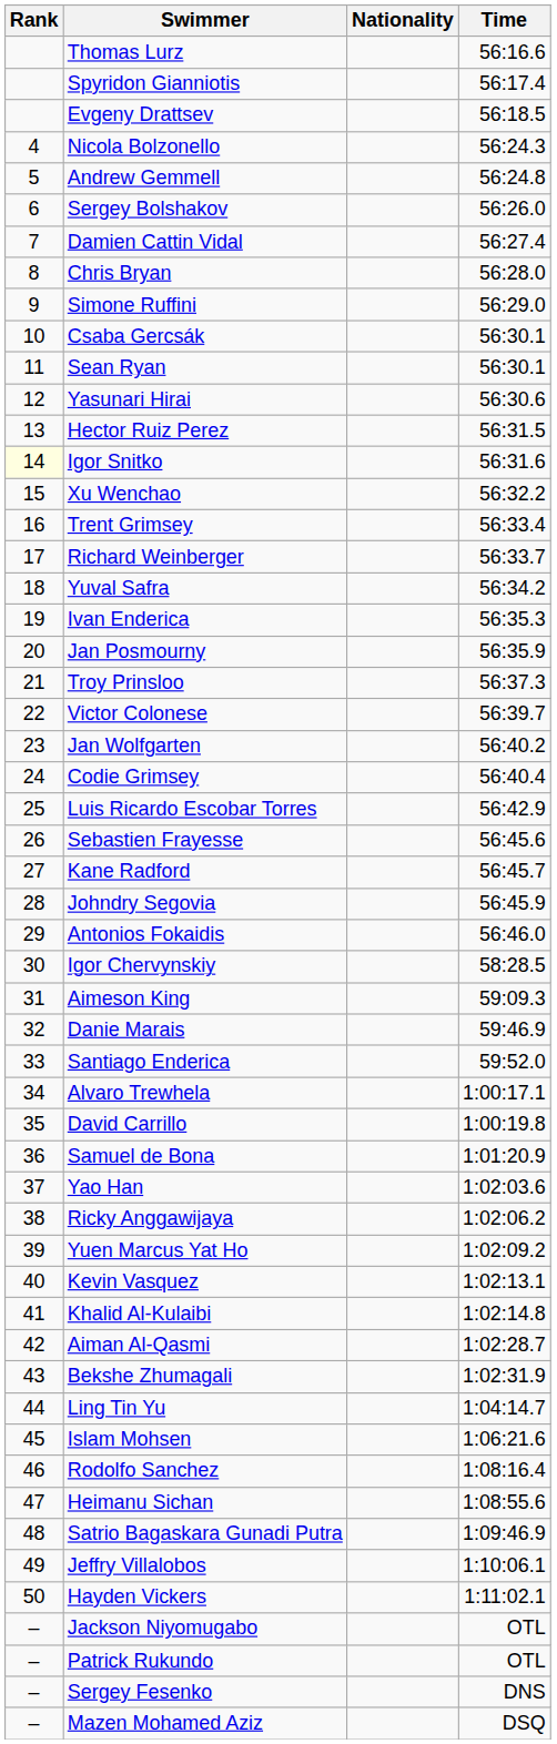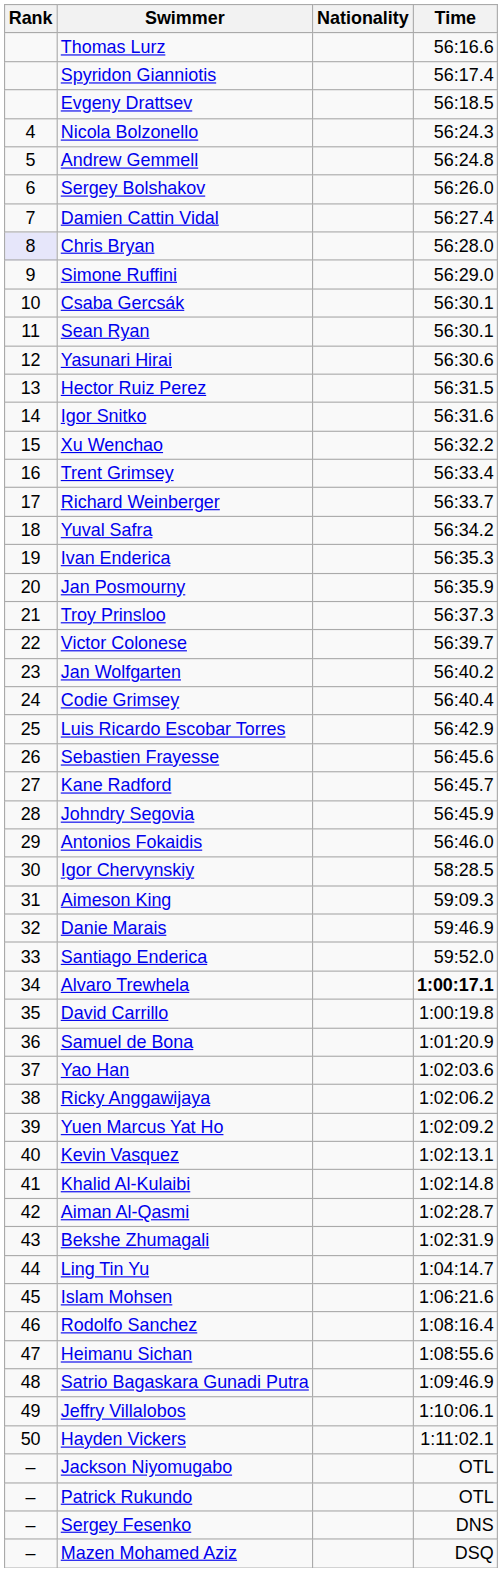 <table class="wikitable" border="1" style="text-align:center">
 <tr>
 <th>Rank</th>
 <th>Swimmer</th>
 <th>Nationality</th>
 <th>Time</th>
 </tr>
 <tr>
 <td></td>
 <td align=left><a href='#'>Thomas Lurz</a></td>
 <td align=left></td>
 <td align=right>56:16.6</td>
 </tr>
 <tr>
 <td></td>
 <td align=left><a href='#'>Spyridon Gianniotis</a></td>
 <td align=left></td>
 <td align=right>56:17.4</td>
 </tr>
 <tr>
 <td></td>
 <td align=left><a href='#'>Evgeny Drattsev</a></td>
 <td align=left></td>
 <td align=right>56:18.5</td>
 </tr>
 <tr>
 <td>4</td>
 <td align=left><a href='#'>Nicola Bolzonello</a></td>
 <td align=left></td>
 <td align=right>56:24.3</td>
 </tr>
 <tr>
 <td>5</td>
 <td align=left><a href='#'>Andrew Gemmell</a></td>
 <td align=left></td>
 <td align=right>56:24.8</td>
 </tr>
 <tr>
 <td>6</td>
 <td align=left><a href='#'>Sergey Bolshakov</a></td>
 <td align=left></td>
 <td align=right>56:26.0</td>
 </tr>
 <tr>
 <td>7</td>
 <td align=left><a href='#'>Damien Cattin Vidal</a></td>
 <td align=left></td>
 <td align=right>56:27.4</td>
 </tr>
 <tr>
-<td>8</td>
+<td style="background: lavender;">8</td>
 <td align=left><a href='#'>Chris Bryan</a></td>
 <td align=left></td>
 <td align=right>56:28.0</td>
 </tr>
 <tr>
 <td>9</td>
 <td align=left><a href='#'>Simone Ruffini</a></td>
 <td align=left></td>
 <td align=right>56:29.0</td>
 </tr>
 <tr>
 <td>10</td>
 <td align=left><a href='#'>Csaba Gercsák</a></td>
 <td align=left></td>
 <td align=right>56:30.1</td>
 </tr>
 <tr>
 <td>11</td>
 <td align=left><a href='#'>Sean Ryan</a></td>
 <td align=left></td>
 <td align=right>56:30.1</td>
 </tr>
 <tr>
 <td>12</td>
 <td align=left><a href='#'>Yasunari Hirai</a></td>
 <td align=left></td>
 <td align=right>56:30.6</td>
 </tr>
 <tr>
 <td>13</td>
 <td align=left><a href='#'>Hector Ruiz Perez</a></td>
 <td align=left></td>
 <td align=right>56:31.5</td>
 </tr>
 <tr>
-<td style="background: lightyellow;">14</td>
+<td>14</td>
 <td align=left><a href='#'>Igor Snitko</a></td>
 <td align=left></td>
 <td align=right>56:31.6</td>
 </tr>
 <tr>
 <td>15</td>
 <td align=left><a href='#'>Xu Wenchao</a></td>
 <td align=left></td>
 <td align=right>56:32.2</td>
 </tr>
 <tr>
 <td>16</td>
 <td align=left><a href='#'>Trent Grimsey</a></td>
 <td align=left></td>
 <td align=right>56:33.4</td>
 </tr>
 <tr>
 <td>17</td>
 <td align=left><a href='#'>Richard Weinberger</a></td>
 <td align=left></td>
 <td align=right>56:33.7</td>
 </tr>
 <tr>
 <td>18</td>
 <td align=left><a href='#'>Yuval Safra</a></td>
 <td align=left></td>
 <td align=right>56:34.2</td>
 </tr>
 <tr>
 <td>19</td>
 <td align=left><a href='#'>Ivan Enderica</a></td>
 <td align=left></td>
 <td align=right>56:35.3</td>
 </tr>
 <tr>
 <td>20</td>
 <td align=left><a href='#'>Jan Posmourny</a></td>
 <td align=left></td>
 <td align=right>56:35.9</td>
 </tr>
 <tr>
 <td>21</td>
 <td align=left><a href='#'>Troy Prinsloo</a></td>
 <td align=left></td>
 <td align=right>56:37.3</td>
 </tr>
 <tr>
 <td>22</td>
 <td align=left><a href='#'>Victor Colonese</a></td>
 <td align=left></td>
 <td align=right>56:39.7</td>
 </tr>
 <tr>
 <td>23</td>
 <td align=left><a href='#'>Jan Wolfgarten</a></td>
 <td align=left></td>
 <td align=right>56:40.2</td>
 </tr>
 <tr>
 <td>24</td>
 <td align=left><a href='#'>Codie Grimsey</a></td>
 <td align=left></td>
 <td align=right>56:40.4</td>
 </tr>
 <tr>
 <td>25</td>
 <td align=left><a href='#'>Luis Ricardo Escobar Torres</a></td>
 <td align=left></td>
 <td align=right>56:42.9</td>
 </tr>
 <tr>
 <td>26</td>
 <td align=left><a href='#'>Sebastien Frayesse</a></td>
 <td align=left></td>
 <td align=right>56:45.6</td>
 </tr>
 <tr>
 <td>27</td>
 <td align=left><a href='#'>Kane Radford</a></td>
 <td align=left></td>
 <td align=right>56:45.7</td>
 </tr>
 <tr>
 <td>28</td>
 <td align=left><a href='#'>Johndry Segovia</a></td>
 <td align=left></td>
 <td align=right>56:45.9</td>
 </tr>
 <tr>
 <td>29</td>
 <td align=left><a href='#'>Antonios Fokaidis</a></td>
 <td align=left></td>
 <td align=right>56:46.0</td>
 </tr>
 <tr>
 <td>30</td>
 <td align=left><a href='#'>Igor Chervynskiy</a></td>
 <td align=left></td>
 <td align=right>58:28.5</td>
 </tr>
 <tr>
 <td>31</td>
 <td align=left><a href='#'>Aimeson King</a></td>
 <td align=left></td>
 <td align=right>59:09.3</td>
 </tr>
 <tr>
 <td>32</td>
 <td align=left><a href='#'>Danie Marais</a></td>
 <td align=left></td>
 <td align=right>59:46.9</td>
 </tr>
 <tr>
 <td>33</td>
 <td align=left><a href='#'>Santiago Enderica</a></td>
 <td align=left></td>
 <td align=right>59:52.0</td>
 </tr>
 <tr>
 <td>34</td>
 <td align=left><a href='#'>Alvaro Trewhela</a></td>
 <td align=left></td>
-<td align=right>1:00:17.1</td>
+<td align=right><strong>1:00:17.1</strong></td>
 </tr>
 <tr>
 <td>35</td>
 <td align=left><a href='#'>David Carrillo</a></td>
 <td align=left></td>
 <td align=right>1:00:19.8</td>
 </tr>
 <tr>
 <td>36</td>
 <td align=left><a href='#'>Samuel de Bona</a></td>
 <td align=left></td>
 <td align=right>1:01:20.9</td>
 </tr>
 <tr>
 <td>37</td>
 <td align=left><a href='#'>Yao Han</a></td>
 <td align=left></td>
 <td align=right>1:02:03.6</td>
 </tr>
 <tr>
 <td>38</td>
 <td align=left><a href='#'>Ricky Anggawijaya</a></td>
 <td align=left></td>
 <td align=right>1:02:06.2</td>
 </tr>
 <tr>
 <td>39</td>
 <td align=left><a href='#'>Yuen Marcus Yat Ho</a></td>
 <td align=left></td>
 <td align=right>1:02:09.2</td>
 </tr>
 <tr>
 <td>40</td>
 <td align=left><a href='#'>Kevin Vasquez</a></td>
 <td align=left></td>
 <td align=right>1:02:13.1</td>
 </tr>
 <tr>
 <td>41</td>
 <td align=left><a href='#'>Khalid Al-Kulaibi</a></td>
 <td align=left></td>
 <td align=right>1:02:14.8</td>
 </tr>
 <tr>
 <td>42</td>
 <td align=left><a href='#'>Aiman Al-Qasmi</a></td>
 <td align=left></td>
 <td align=right>1:02:28.7</td>
 </tr>
 <tr>
 <td>43</td>
 <td align=left><a href='#'>Bekshe Zhumagali</a></td>
 <td align=left></td>
 <td align=right>1:02:31.9</td>
 </tr>
 <tr>
 <td>44</td>
 <td align=left><a href='#'>Ling Tin Yu</a></td>
 <td align=left></td>
 <td align=right>1:04:14.7</td>
 </tr>
 <tr>
 <td>45</td>
 <td align=left><a href='#'>Islam Mohsen</a></td>
 <td align=left></td>
 <td align=right>1:06:21.6</td>
 </tr>
 <tr>
 <td>46</td>
 <td align=left><a href='#'>Rodolfo Sanchez</a></td>
 <td align=left></td>
 <td align=right>1:08:16.4</td>
 </tr>
 <tr>
 <td>47</td>
 <td align=left><a href='#'>Heimanu Sichan</a></td>
 <td align=left></td>
 <td align=right>1:08:55.6</td>
 </tr>
 <tr>
 <td>48</td>
 <td align=left><a href='#'>Satrio Bagaskara Gunadi Putra</a></td>
 <td align=left></td>
 <td align=right>1:09:46.9</td>
 </tr>
 <tr>
 <td>49</td>
 <td align=left><a href='#'>Jeffry Villalobos</a></td>
 <td align=left></td>
 <td align=right>1:10:06.1</td>
 </tr>
 <tr>
 <td>50</td>
 <td align=left><a href='#'>Hayden Vickers</a></td>
 <td align=left></td>
 <td align=right>1:11:02.1</td>
 </tr>
 <tr>
 <td>–</td>
 <td align=left><a href='#'>Jackson Niyomugabo</a></td>
 <td align=left></td>
 <td align=right>OTL</td>
 </tr>
 <tr>
 <td>–</td>
 <td align=left><a href='#'>Patrick Rukundo</a></td>
 <td align=left></td>
 <td align=right>OTL</td>
 </tr>
 <tr>
 <td>–</td>
 <td align=left><a href='#'>Sergey Fesenko</a></td>
 <td align=left></td>
 <td align=right>DNS</td>
 </tr>
 <tr>
 <td>–</td>
 <td align=left><a href='#'>Mazen Mohamed Aziz</a></td>
 <td align=left></td>
 <td align=right>DSQ</td>
 </tr>
 </table>
